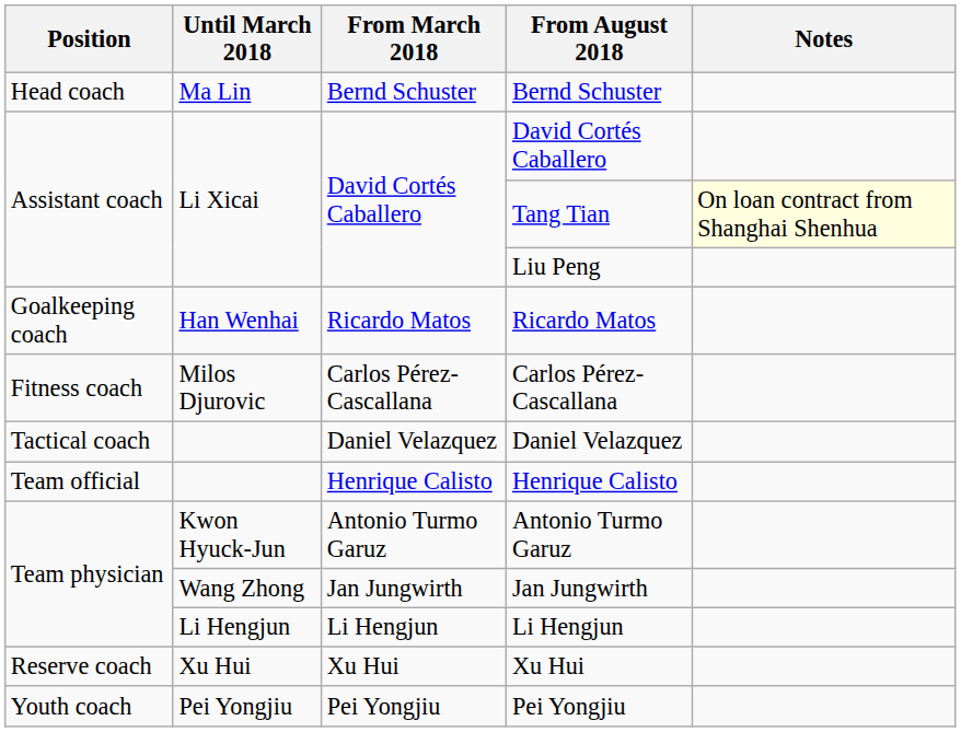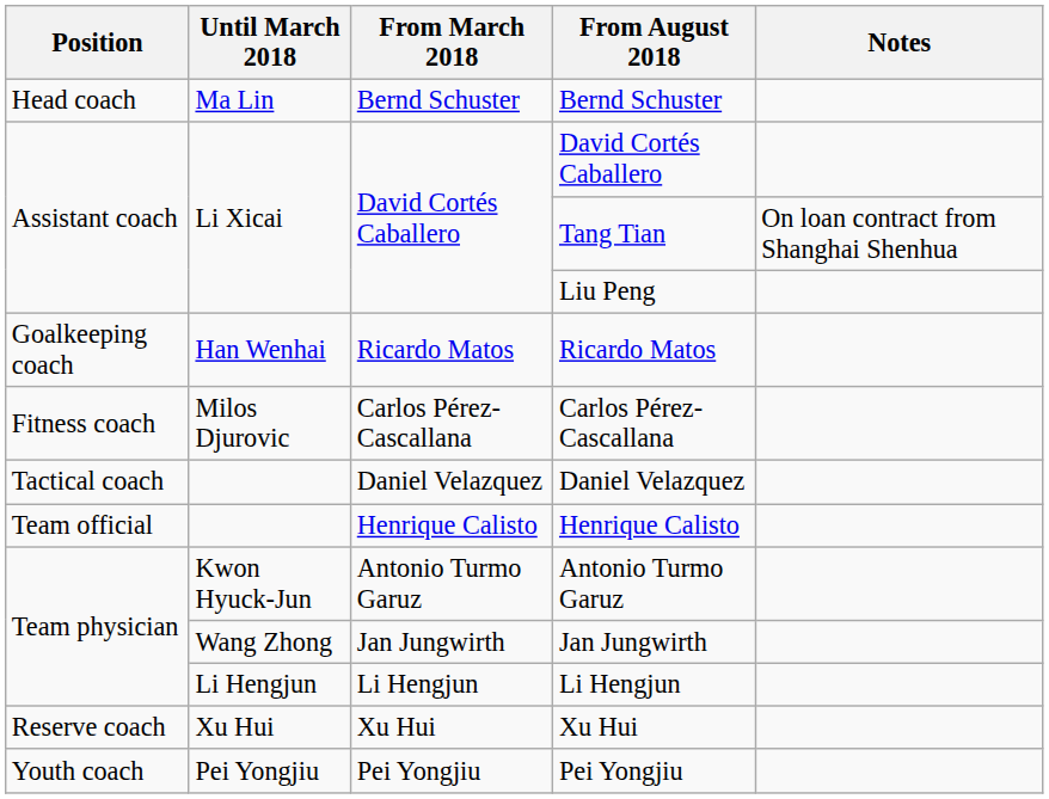 <table class="wikitable" style="text-align: left; font-size:97%">
 <tr>
 <th>Position</th>
 <th>Until March 2018</th>
 <th>From March 2018</th>
 <th>From August 2018</th>
 <th>Notes</th>
 </tr>
 <tr>
 <td>Head coach</td>
 <td> <a href='#'>Ma Lin</a></td>
 <td> <a href='#'>Bernd Schuster</a></td>
 <td> <a href='#'>Bernd Schuster</a></td>
 <td></td>
 </tr>
 <tr>
 <td rowspan="3">Assistant coach</td>
 <td rowspan="3"> Li Xicai</td>
 <td rowspan="3"> <a href='#'>David Cortés Caballero</a></td>
 <td> <a href='#'>David Cortés Caballero</a></td>
 <td></td>
 </tr>
 <tr>
 <td> <a href='#'>Tang Tian</a></td>
-<td style="background: lightyellow;">On loan contract from Shanghai Shenhua</td>
+<td>On loan contract from Shanghai Shenhua</td>
 </tr>
 <tr>
 <td> Liu Peng</td>
 <td></td>
 </tr>
 <tr>
 <td>Goalkeeping coach</td>
 <td> <a href='#'>Han Wenhai</a></td>
 <td> <a href='#'>Ricardo Matos</a></td>
 <td> <a href='#'>Ricardo Matos</a></td>
 <td></td>
 </tr>
 <tr>
 <td>Fitness coach</td>
 <td> Milos Djurovic</td>
 <td> Carlos Pérez-Cascallana</td>
 <td> Carlos Pérez-Cascallana</td>
 <td></td>
 </tr>
 <tr>
 <td>Tactical coach</td>
 <td></td>
 <td> Daniel Velazquez</td>
 <td> Daniel Velazquez</td>
 <td></td>
 </tr>
 <tr>
 <td>Team official</td>
 <td></td>
 <td> <a href='#'>Henrique Calisto</a></td>
 <td> <a href='#'>Henrique Calisto</a></td>
 <td></td>
 </tr>
 <tr>
 <td rowspan="3" valign="center">Team physician</td>
 <td> Kwon Hyuck-Jun</td>
 <td> Antonio Turmo Garuz</td>
 <td> Antonio Turmo Garuz</td>
 <td></td>
 </tr>
 <tr>
 <td> Wang Zhong</td>
 <td> Jan Jungwirth</td>
 <td> Jan Jungwirth</td>
 <td></td>
 </tr>
 <tr>
 <td> Li Hengjun</td>
 <td> Li Hengjun</td>
 <td> Li Hengjun</td>
 <td></td>
 </tr>
 <tr>
 <td>Reserve coach</td>
 <td> Xu Hui</td>
 <td> Xu Hui</td>
 <td> Xu Hui</td>
 <td></td>
 </tr>
 <tr>
 <td>Youth coach</td>
 <td> Pei Yongjiu</td>
 <td> Pei Yongjiu</td>
 <td> Pei Yongjiu</td>
 <td></td>
 </tr>
 </table>
